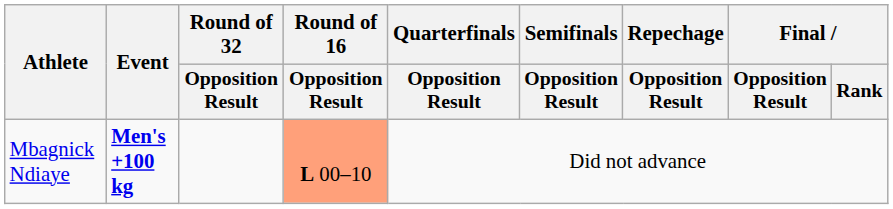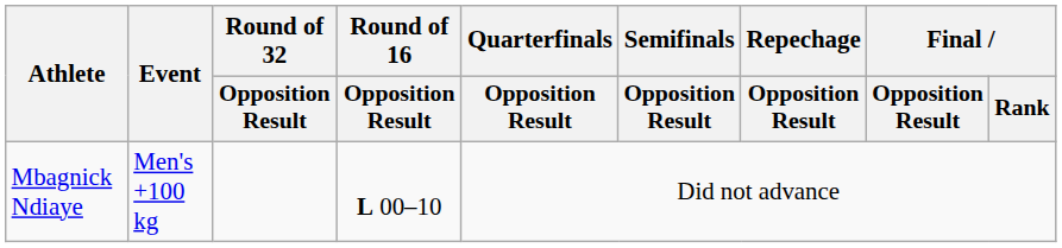 <table class="wikitable" style="font-size:90%">
 <tr>
 <th rowspan="2">Athlete</th>
 <th rowspan="2">Event</th>
 <th>Round of 32</th>
 <th>Round of 16</th>
 <th>Quarterfinals</th>
 <th>Semifinals</th>
 <th>Repechage</th>
 <th colspan=2>Final / </th>
 </tr>
 <tr style="font-size:95%">
 <th>Opposition<br>Result</th>
 <th>Opposition<br>Result</th>
 <th>Opposition<br>Result</th>
 <th>Opposition<br>Result</th>
 <th>Opposition<br>Result</th>
 <th>Opposition<br>Result</th>
 <th>Rank</th>
 </tr>
 <tr align=center>
 <td align=left><a href='#'>Mbagnick Ndiaye</a></td>
-<td align=left><strong><a href='#'>Men's +100 kg</a></strong></td>
+<td align=left><a href='#'>Men's +100 kg</a></td>
 <td></td>
-<td style="background: lightsalmon;"><br><strong>L</strong> 00–10</td>
+<td><br><strong>L</strong> 00–10</td>
 <td colspan="5">Did not advance</td>
 </tr>
 </table>
